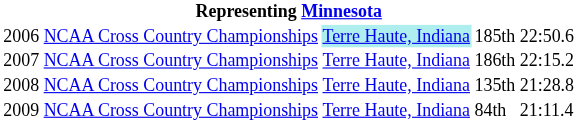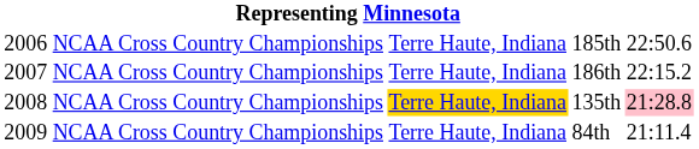 <table>
 <tr>
 <th colspan=6>Representing <a href='#'>Minnesota</a></th>
 </tr>
 <tr>
 <td>2006</td>
 <td><a href='#'>NCAA Cross Country Championships</a></td>
-<td style="background: paleturquoise;"><a href='#'>Terre Haute, Indiana</a></td>
+<td><a href='#'>Terre Haute, Indiana</a></td>
 <td>185th</td>
 <td>22:50.6</td>
 </tr>
 <tr>
 <td>2007</td>
 <td><a href='#'>NCAA Cross Country Championships</a></td>
 <td><a href='#'>Terre Haute, Indiana</a></td>
 <td>186th</td>
 <td>22:15.2</td>
 </tr>
 <tr>
 <td>2008</td>
 <td><a href='#'>NCAA Cross Country Championships</a></td>
-<td><a href='#'>Terre Haute, Indiana</a></td>
+<td style="background: gold;"><a href='#'>Terre Haute, Indiana</a></td>
 <td>135th</td>
-<td>21:28.8</td>
+<td style="background: pink;">21:28.8</td>
 </tr>
 <tr>
 <td>2009</td>
 <td><a href='#'>NCAA Cross Country Championships</a></td>
 <td><a href='#'>Terre Haute, Indiana</a></td>
 <td>84th</td>
 <td>21:11.4</td>
 </tr>
 </table>
